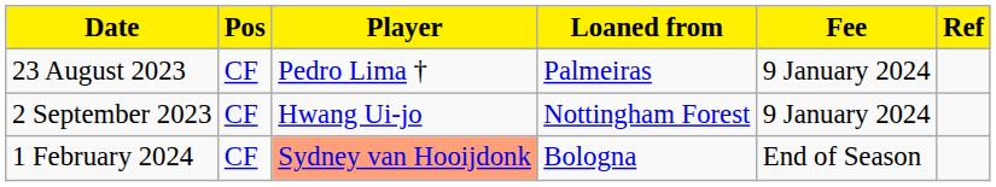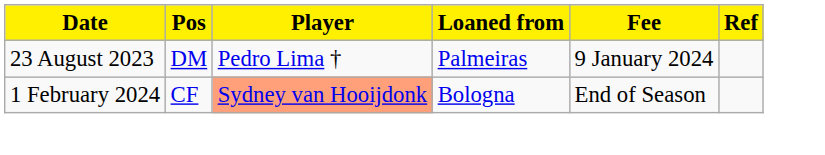 <table class="wikitable plainrowheaders sortable">
 <tr>
 <th style="background:#fff000;color:#000000;">Date</th>
 <th style="background:#fff000;color:#000000;">Pos</th>
 <th style="background:#fff000;color:#000000;">Player</th>
 <th style="background:#fff000;color:#000000;">Loaned from</th>
 <th style="background:#fff000;color:#000000;">Fee</th>
 <th style="background:#fff000;color:#000000;">Ref</th>
 </tr>
 <tr>
 <td>23 August 2023</td>
-<td><a href='#'>CF</a></td>
+<td><a href='#'>DM</a></td>
 <td> <a href='#'>Pedro Lima</a> †</td>
 <td> <a href='#'>Palmeiras</a></td>
-<td>9 January 2024</td>
-<td></td>
-</tr>
-<tr>
-<td>2 September 2023</td>
-<td><a href='#'>CF</a></td>
-<td> <a href='#'>Hwang Ui-jo</a></td>
-<td> <a href='#'>Nottingham Forest</a></td>
 <td>9 January 2024</td>
 <td></td>
 </tr>
 <tr>
 <td>1 February 2024</td>
 <td><a href='#'>CF</a></td>
 <td style="background: lightsalmon;"> <a href='#'>Sydney van Hooijdonk</a></td>
 <td> <a href='#'>Bologna</a></td>
 <td>End of Season</td>
 <td></td>
 </tr>
 </table>
